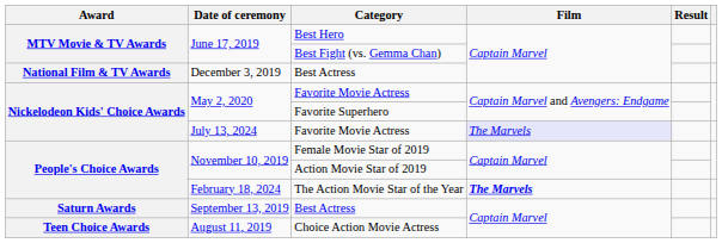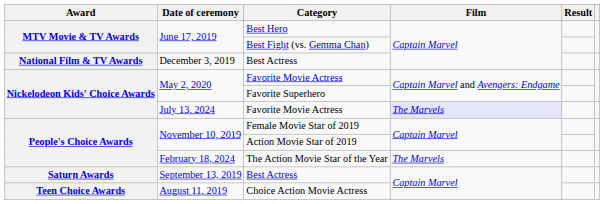 <table class="wikitable sortable plainrowheaders col6center">
 <tr>
 <th scope="col">Award</th>
 <th scope="col">Date of ceremony</th>
 <th scope="col">Category</th>
 <th scope="col">Film</th>
 <th scope="col">Result</th>
 <th scope="col" class="unsortable"></th>
 </tr>
 <tr>
 <th scope="row" rowspan="2" style="text-align:center;"><a href='#'>MTV Movie & TV Awards</a></th>
 <td rowspan="2"><a href='#'>June 17, 2019</a></td>
 <td><a href='#'>Best Hero</a></td>
 <td rowspan="3"><em><a href='#'>Captain Marvel</a></em></td>
 <td></td>
 <td style="text-align:center;" rowspan="2"></td>
 </tr>
 <tr>
 <td><a href='#'>Best Fight</a> (vs. <a href='#'>Gemma Chan</a>)</td>
 <td></td>
 </tr>
 <tr>
 <th scope="row" style="text-align:center;"><a href='#'>National Film & TV Awards</a></th>
 <td>December 3, 2019</td>
 <td>Best Actress</td>
 <td></td>
 <td style="text-align:center;"></td>
 </tr>
 <tr>
 <th scope="row" rowspan="3" style="text-align:center;"><a href='#'>Nickelodeon Kids' Choice Awards</a></th>
 <td rowspan="2"><a href='#'>May 2, 2020</a></td>
 <td><a href='#'>Favorite Movie Actress</a></td>
 <td rowspan="2"><em><a href='#'>Captain Marvel</a></em> and <em><a href='#'>Avengers: Endgame</a></em></td>
 <td></td>
 <td scope="row" rowspan="2" style="text-align:center;"></td>
 </tr>
 <tr>
 <td>Favorite Superhero</td>
 <td></td>
 </tr>
 <tr>
 <td><a href='#'>July 13, 2024</a></td>
 <td>Favorite Movie Actress</td>
 <td style="background: lavender;"><em><a href='#'>The Marvels</a></em></td>
 <td></td>
 <td scope="row" style="text-align:center;"></td>
 </tr>
 <tr>
 <th scope="row" rowspan="3" style="text-align:center;"><a href='#'>People's Choice Awards</a></th>
 <td rowspan="2"><a href='#'>November 10, 2019</a></td>
 <td>Female Movie Star of 2019</td>
 <td rowspan="2"><em><a href='#'>Captain Marvel</a></em></td>
 <td></td>
 <td style="text-align:center;" rowspan="2"></td>
 </tr>
 <tr>
 <td>Action Movie Star of 2019</td>
 <td></td>
 </tr>
 <tr>
 <td><a href='#'>February 18, 2024</a></td>
 <td>The Action Movie Star of the Year</td>
-<td><strong><em><a href='#'>The Marvels</a></em></strong></td>
+<td><em><a href='#'>The Marvels</a></em></td>
 <td></td>
 <td style="text-align:center;"></td>
 </tr>
 <tr>
 <th scope="row" style="text-align:center;"><a href='#'>Saturn Awards</a></th>
 <td><a href='#'>September 13, 2019</a></td>
 <td><a href='#'>Best Actress</a></td>
 <td rowspan="2"><em><a href='#'>Captain Marvel</a></em></td>
 <td></td>
 <td style="text-align:center;"></td>
 </tr>
 <tr>
 <th scope="row" style="text-align:center;"><a href='#'>Teen Choice Awards</a></th>
 <td><a href='#'>August 11, 2019</a></td>
 <td>Choice Action Movie Actress</td>
 <td></td>
 <td style="text-align:center;" rowspan="1"></td>
 </tr>
 </table>
